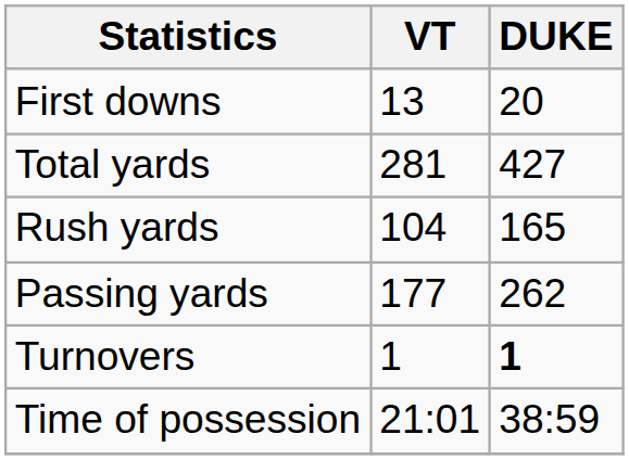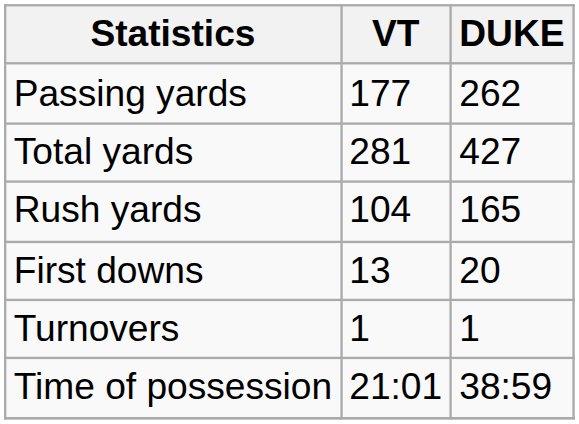 <table class="wikitable" style="float: left;">
 <tr>
 <th>Statistics</th>
 <th>VT</th>
 <th>DUKE</th>
 </tr>
 <tr>
-<td>First downs</td>
-<td>13</td>
-<td>20</td>
+<td>Passing yards</td>
+<td>177</td>
+<td>262</td>
 </tr>
 <tr>
 <td>Total yards</td>
 <td>281</td>
 <td>427</td>
 </tr>
 <tr>
 <td>Rush yards</td>
 <td>104</td>
 <td>165</td>
 </tr>
 <tr>
-<td>Passing yards</td>
-<td>177</td>
-<td>262</td>
+<td>First downs</td>
+<td>13</td>
+<td>20</td>
 </tr>
 <tr>
 <td>Turnovers</td>
 <td>1</td>
-<td><strong>1</strong></td>
+<td>1</td>
 </tr>
 <tr>
 <td>Time of possession</td>
 <td>21:01</td>
 <td>38:59</td>
 </tr>
 <tr>
 </tr>
 </table>
